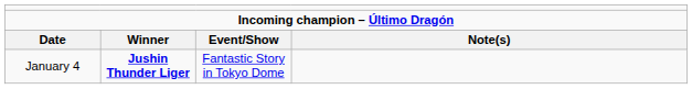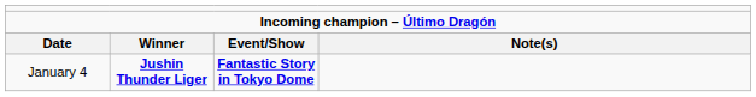 <table class="wikitable" style="text-align:center; width:100%;">
 <tr>
 <td colspan="5"></td>
 </tr>
 <tr>
 <td colspan="5"><strong>Incoming champion – <a href='#'>Último Dragón</a></strong></td>
 </tr>
 <tr>
 <th width=14%>Date</th>
 <th width=14%>Winner</th>
 <th width=14%>Event/Show</th>
 <th width=58%>Note(s)</th>
 </tr>
 <tr>
 <td>January 4</td>
 <td><strong><a href='#'>Jushin Thunder Liger</a></strong></td>
-<td><a href='#'>Fantastic Story in Tokyo Dome</a></td>
+<td><strong><a href='#'>Fantastic Story in Tokyo Dome</a></strong></td>
 <td align="left"></td>
 </tr>
 </table>
